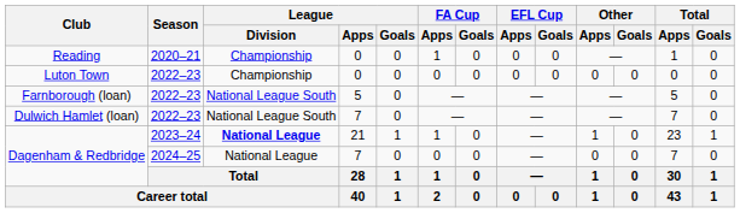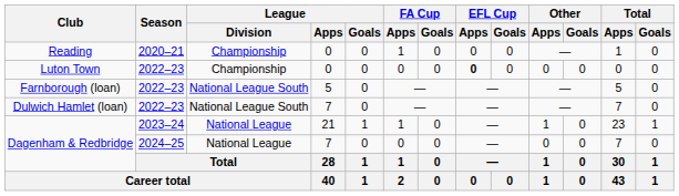 <table class="wikitable" style="text-align: center">
 <tr>
 <th rowspan="2">Club</th>
 <th rowspan="2">Season</th>
 <th colspan="3">League</th>
 <th colspan="2"><a href='#'>FA Cup</a></th>
 <th colspan="2"><a href='#'>EFL Cup</a></th>
 <th colspan="2">Other</th>
 <th colspan="2">Total</th>
 </tr>
 <tr>
 <th>Division</th>
 <th>Apps</th>
 <th>Goals</th>
 <th>Apps</th>
 <th>Goals</th>
 <th>Apps</th>
 <th>Goals</th>
 <th>Apps</th>
 <th>Goals</th>
 <th>Apps</th>
 <th>Goals</th>
 </tr>
 <tr>
 <td><a href='#'>Reading</a></td>
 <td><a href='#'>2020–21</a></td>
 <td><a href='#'>Championship</a></td>
 <td>0</td>
 <td>0</td>
 <td>1</td>
 <td>0</td>
 <td>0</td>
 <td>0</td>
 <td colspan="2">—</td>
 <td>1</td>
 <td>0</td>
 </tr>
 <tr>
 <td><a href='#'>Luton Town</a></td>
 <td><a href='#'>2022–23</a></td>
 <td>Championship</td>
 <td>0</td>
 <td>0</td>
 <td>0</td>
 <td>0</td>
-<td>0</td>
+<td><strong>0</strong></td>
 <td>0</td>
 <td>0</td>
 <td>0</td>
 <td>0</td>
 <td>0</td>
 </tr>
 <tr>
 <td><a href='#'>Farnborough</a> (loan)</td>
 <td><a href='#'>2022–23</a></td>
 <td><a href='#'>National League South</a></td>
 <td>5</td>
 <td>0</td>
 <td colspan="2">—</td>
 <td colspan="2">—</td>
 <td colspan="2">—</td>
 <td>5</td>
 <td>0</td>
 </tr>
 <tr>
 <td><a href='#'>Dulwich Hamlet</a> (loan)</td>
 <td><a href='#'>2022–23</a></td>
 <td>National League South</td>
 <td>7</td>
 <td>0</td>
 <td colspan="2">—</td>
 <td colspan="2">—</td>
 <td colspan="2">—</td>
 <td>7</td>
 <td>0</td>
 </tr>
 <tr>
 <td rowspan=3><a href='#'>Dagenham & Redbridge</a></td>
 <td><a href='#'>2023–24</a></td>
-<td><strong><a href='#'>National League</a></strong></td>
+<td><a href='#'>National League</a></td>
 <td>21</td>
 <td>1</td>
 <td>1</td>
 <td>0</td>
 <td colspan="2">—</td>
 <td>1</td>
 <td>0</td>
 <td>23</td>
 <td>1</td>
 </tr>
 <tr>
 <td><a href='#'>2024–25</a></td>
 <td>National League</td>
 <td>7</td>
 <td>0</td>
 <td>0</td>
 <td>0</td>
 <td colspan="2">—</td>
 <td>0</td>
 <td>0</td>
 <td>7</td>
 <td>0</td>
 </tr>
 <tr>
 <th colspan="2">Total</th>
 <th>28</th>
 <th>1</th>
 <th>1</th>
 <th>0</th>
 <th colspan="2">—</th>
 <th>1</th>
 <th>0</th>
 <th>30</th>
 <th>1</th>
 </tr>
 <tr>
 <th colspan="3">Career total</th>
 <th>40</th>
 <th>1</th>
 <th>2</th>
 <th>0</th>
 <th>0</th>
 <th>0</th>
 <th>1</th>
 <th>0</th>
 <th>43</th>
 <th>1</th>
 </tr>
 </table>
